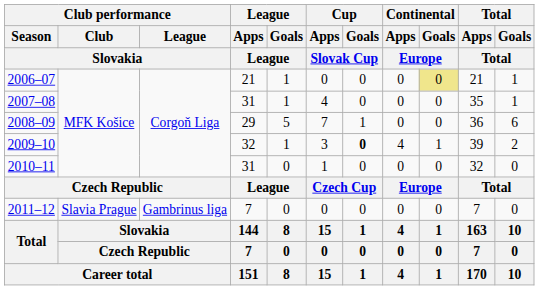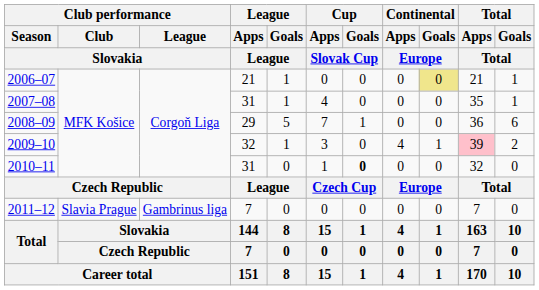 <table class="wikitable" style="text-align:center">
 <tr>
 <th colspan=3>Club performance</th>
 <th colspan=2>League</th>
 <th colspan=2>Cup</th>
 <th colspan=2>Continental</th>
 <th colspan=2>Total</th>
 </tr>
 <tr>
 <th>Season</th>
 <th>Club</th>
 <th>League</th>
 <th>Apps</th>
 <th>Goals</th>
 <th>Apps</th>
 <th>Goals</th>
 <th>Apps</th>
 <th>Goals</th>
 <th>Apps</th>
 <th>Goals</th>
 </tr>
 <tr>
 <th colspan=3>Slovakia</th>
 <th colspan=2>League</th>
 <th colspan=2><a href='#'>Slovak Cup</a></th>
 <th colspan=2><a href='#'>Europe</a></th>
 <th colspan=2>Total</th>
 </tr>
 <tr>
 <td><a href='#'>2006–07</a></td>
 <td rowspan="5"><a href='#'>MFK Košice</a></td>
 <td rowspan="5"><a href='#'>Corgoň Liga</a></td>
 <td>21</td>
 <td>1</td>
 <td>0</td>
 <td>0</td>
 <td>0</td>
 <td style="background: khaki;">0</td>
 <td>21</td>
 <td>1</td>
 </tr>
 <tr>
 <td><a href='#'>2007–08</a></td>
 <td>31</td>
 <td>1</td>
 <td>4</td>
 <td>0</td>
 <td>0</td>
 <td>0</td>
 <td>35</td>
 <td>1</td>
 </tr>
 <tr>
 <td><a href='#'>2008–09</a></td>
 <td>29</td>
 <td>5</td>
 <td>7</td>
 <td>1</td>
 <td>0</td>
 <td>0</td>
 <td>36</td>
 <td>6</td>
 </tr>
 <tr>
 <td><a href='#'>2009–10</a></td>
 <td>32</td>
 <td>1</td>
 <td>3</td>
-<td><strong>0</strong></td>
+<td>0</td>
 <td>4</td>
 <td>1</td>
-<td>39</td>
+<td style="background: pink;">39</td>
 <td>2</td>
 </tr>
 <tr>
 <td><a href='#'>2010–11</a></td>
 <td>31</td>
 <td>0</td>
 <td>1</td>
-<td>0</td>
+<td><strong>0</strong></td>
 <td>0</td>
 <td>0</td>
 <td>32</td>
 <td>0</td>
 </tr>
 <tr>
 <th colspan=3>Czech Republic</th>
 <th colspan=2>League</th>
 <th colspan=2><a href='#'>Czech Cup</a></th>
 <th colspan=2><a href='#'>Europe</a></th>
 <th colspan=2>Total</th>
 </tr>
 <tr>
 <td><a href='#'>2011–12</a></td>
 <td rowspan="1"><a href='#'>Slavia Prague</a></td>
 <td rowspan="1"><a href='#'>Gambrinus liga</a></td>
 <td>7</td>
 <td>0</td>
 <td>0</td>
 <td>0</td>
 <td>0</td>
 <td>0</td>
 <td>7</td>
 <td>0</td>
 </tr>
 <tr>
 <th rowspan=2>Total</th>
 <th colspan=2>Slovakia</th>
 <th>144</th>
 <th>8</th>
 <th>15</th>
 <th>1</th>
 <th>4</th>
 <th>1</th>
 <th>163</th>
 <th>10</th>
 </tr>
 <tr>
 <th colspan=2>Czech Republic</th>
 <th>7</th>
 <th>0</th>
 <th>0</th>
 <th>0</th>
 <th>0</th>
 <th>0</th>
 <th>7</th>
 <th>0</th>
 </tr>
 <tr>
 <th colspan=3>Career total</th>
 <th>151</th>
 <th>8</th>
 <th>15</th>
 <th>1</th>
 <th>4</th>
 <th>1</th>
 <th>170</th>
 <th>10</th>
 </tr>
 </table>
